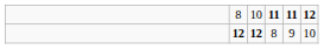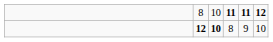 <table class="wikitable">
 <tr>
 <td style="width:18em"></td>
 <td align=center style="width:1em">8</td>
 <td align=center style="width:1em">10</td>
 <td align=center style="width:1em"><strong>11</strong></td>
 <td align=center style="width:1em"><strong>11</strong></td>
 <td align=center style="width:1em"><strong>12</strong></td>
 </tr>
 <tr>
 <td style="width:18em"></td>
 <td align=center style="width:1em"><strong>12</strong></td>
-<td align=center style="width:1em"><strong>12</strong></td>
+<td align=center style="width:1em"><strong>10</strong></td>
 <td align=center style="width:1em">8</td>
 <td align=center style="width:1em">9</td>
 <td align=center style="width:1em">10</td>
 </tr>
 </table>
